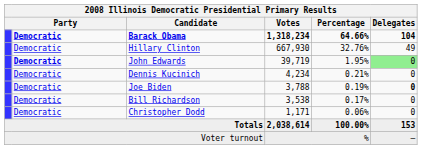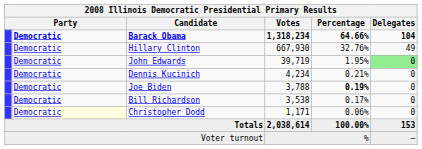 <table class="wikitable" style="font-size: 95%;">
 <tr>
 <th colspan="7">2008 Illinois Democratic Presidential Primary Results</th>
 </tr>
 <tr>
 <th colspan="2" style="width: 15em">Party</th>
 <th style="width: 17em">Candidate</th>
 <th style="width: 5em">Votes</th>
 <th style="width: 7em">Percentage</th>
 <th style="width: 5em">Delegates</th>
 </tr>
 <tr>
 <th style="background:#33f; width:3px;"></th>
 <td style="width: 130px"><strong><a href='#'>Democratic</a></strong></td>
 <td><strong><a href='#'>Barack Obama</a></strong></td>
 <td style="text-align:right;"><strong>1,318,234</strong></td>
 <td style="text-align:right;"><strong>64.66%</strong></td>
 <td style="text-align:right;"><strong>104</strong></td>
 </tr>
 <tr>
 <th style="background:#33f; width:3px;"></th>
 <td style="width: 130px"><a href='#'>Democratic</a></td>
 <td><a href='#'>Hillary Clinton</a></td>
 <td style="text-align:right;">667,930</td>
 <td style="text-align:right;">32.76%</td>
 <td style="text-align:right;">49</td>
 </tr>
 <tr>
 <th style="background:#33f; width:3px;"></th>
-<td style="width: 130px"><strong><a href='#'>Democratic</a></strong></td>
+<td style="width: 130px"><a href='#'>Democratic</a></td>
 <td><a href='#'>John Edwards</a></td>
 <td style="text-align:right;">39,719</td>
 <td style="text-align:right;">1.95%</td>
 <td style="background: lightgreen; text-align:right;">0</td>
 </tr>
 <tr>
 <th style="background:#33f; width:3px;"></th>
 <td style="width: 130px"><a href='#'>Democratic</a></td>
 <td><a href='#'>Dennis Kucinich</a></td>
 <td style="text-align:right;">4,234</td>
 <td style="text-align:right;">0.21%</td>
 <td style="text-align:right;">0</td>
 </tr>
 <tr>
 <th style="background:#33f; width:3px;"></th>
 <td style="width: 130px"><a href='#'>Democratic</a></td>
 <td><a href='#'>Joe Biden</a></td>
 <td style="text-align:right;">3,788</td>
-<td style="text-align:right;">0.19%</td>
-<td style="text-align:right;"><strong>0</strong></td>
+<td style="text-align:right;"><strong>0.19%</strong></td>
+<td style="text-align:right;">0</td>
 </tr>
 <tr>
 <th style="background:#33f; width:3px;"></th>
 <td style="width: 130px"><a href='#'>Democratic</a></td>
 <td><a href='#'>Bill Richardson</a></td>
 <td style="text-align:right;">3,538</td>
 <td style="text-align:right;">0.17%</td>
 <td style="text-align:right;">0</td>
 </tr>
 <tr>
 <th style="background:#33f; width:3px;"></th>
-<td style="width: 130px"><a href='#'>Democratic</a></td>
+<td style="background: lightyellow; width: 130px"><a href='#'>Democratic</a></td>
 <td><a href='#'>Christopher Dodd</a></td>
 <td style="text-align:right;">1,171</td>
 <td style="text-align:right;">0.06%</td>
 <td style="text-align:right;">0</td>
 </tr>
 <tr style="background:#eee; text-align:right;">
 <td colspan="3"><strong>Totals</strong></td>
 <td><strong>2,038,614</strong></td>
 <td><strong>100.00%</strong></td>
 <td><strong>153</strong></td>
 </tr>
 <tr style="background:#eee; text-align:right;">
 <td colspan="3">Voter turnout</td>
 <td colspan="2">%</td>
 <td>—</td>
 </tr>
 </table>
